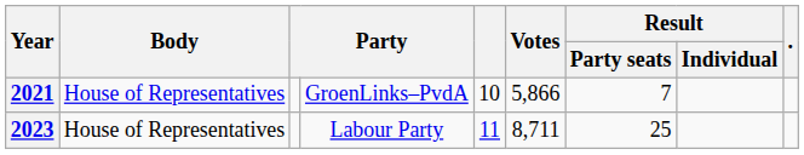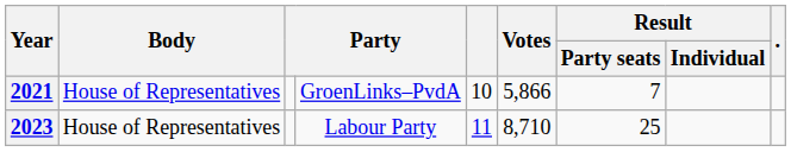 <table class="wikitable plainrowheaders sortable" border=2 cellpadding=4 cellspacing=0 style="border: 1px #aaa solid; font-size: 90%; text-align:center;">
 <tr>
 <th scope="col" rowspan=2>Year</th>
 <th scope="col" rowspan=2>Body</th>
 <th scope="col" colspan=2 rowspan=2>Party</th>
 <th scope="col" rowspan=2></th>
 <th scope="col" rowspan=2>Votes</th>
 <th scope="colgroup" colspan=2>Result</th>
 <th scope="col" rowspan=2>.</th>
 </tr>
 <tr>
 <th scope="col">Party seats</th>
 <th scope="col">Individual</th>
 </tr>
 <tr>
 <th scope="row"><a href='#'>2021</a></th>
 <td><a href='#'>House of Representatives</a></td>
 <td style="background-color:"></td>
 <td><a href='#'>GroenLinks–PvdA</a></td>
 <td style=text-align:right>10</td>
 <td style=text-align:right>5,866</td>
 <td style=text-align:right>7</td>
 <td></td>
 <td></td>
 </tr>
 <tr>
 <th scope="row"><a href='#'>2023</a></th>
 <td>House of Representatives</td>
 <td style="background-color:"></td>
 <td><a href='#'>Labour Party</a></td>
 <td style=text-align:right><a href='#'>11</a></td>
-<td style=text-align:right>8,711</td>
+<td style=text-align:right>8,710</td>
 <td style=text-align:right>25</td>
 <td></td>
 <td></td>
 </tr>
 </table>
